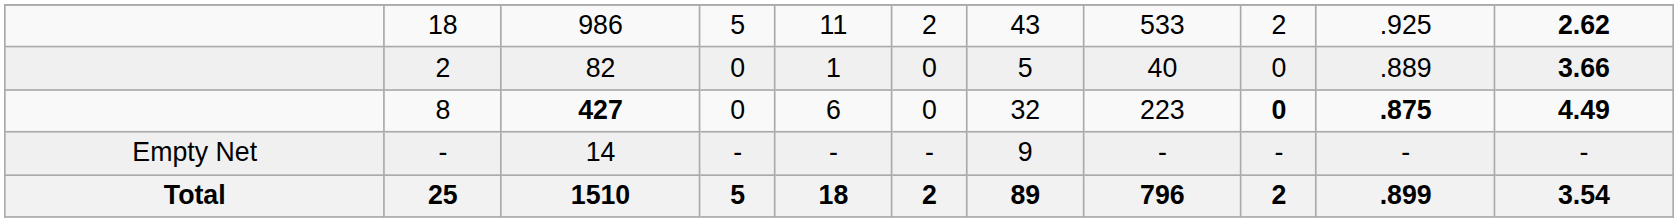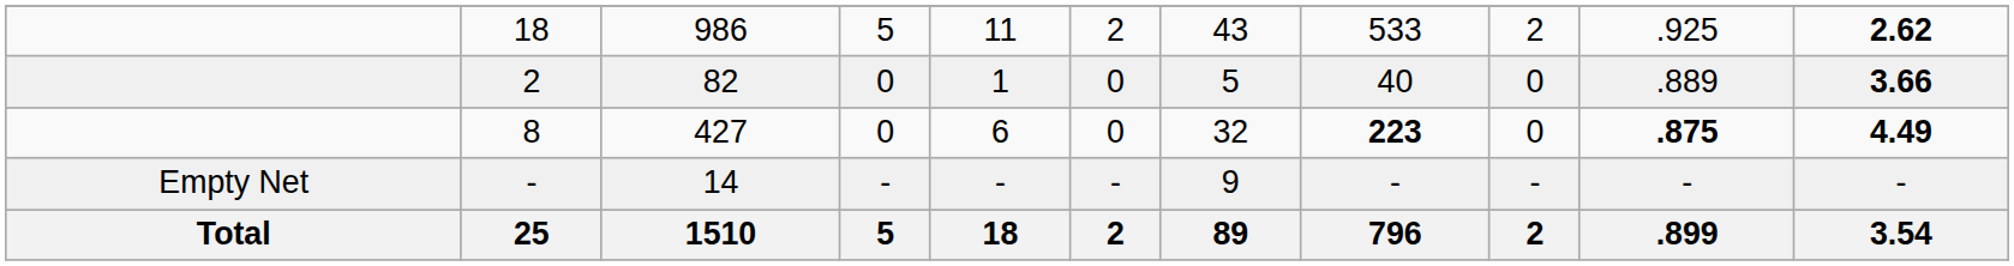 <table class="wikitable sortable" width ="1000">
 <tr align="center">
 </tr>
 <tr align="center" bgcolor="">
 <td></td>
 <td>18</td>
 <td>986</td>
 <td>5</td>
 <td>11</td>
 <td>2</td>
 <td>43</td>
 <td>533</td>
 <td>2</td>
 <td>.925</td>
 <td><strong>2.62</strong></td>
 </tr>
 <tr align="center" bgcolor="f0f0f0">
 <td></td>
 <td>2</td>
 <td>82</td>
 <td>0</td>
 <td>1</td>
 <td>0</td>
 <td>5</td>
 <td>40</td>
 <td>0</td>
 <td>.889</td>
 <td><strong>3.66</strong></td>
 </tr>
 <tr align="center" bgcolor="">
 <td></td>
 <td>8</td>
-<td><strong>427</strong></td>
+<td>427</td>
 <td>0</td>
 <td>6</td>
 <td>0</td>
 <td>32</td>
-<td>223</td>
-<td><strong>0</strong></td>
+<td><strong>223</strong></td>
+<td>0</td>
 <td><strong>.875</strong></td>
 <td><strong>4.49</strong></td>
 </tr>
 <tr align="center" bgcolor="f0f0f0">
 <td>Empty Net</td>
 <td>-</td>
 <td>14</td>
 <td>-</td>
 <td>-</td>
 <td>-</td>
 <td>9</td>
 <td>-</td>
 <td>-</td>
 <td>-</td>
 <td>-</td>
 </tr>
 <tr>
 <th>Total</th>
 <th>25</th>
 <th>1510</th>
 <th>5</th>
 <th>18</th>
 <th>2</th>
 <th>89</th>
 <th>796</th>
 <th>2</th>
 <th>.899</th>
 <th>3.54</th>
 </tr>
 </table>
